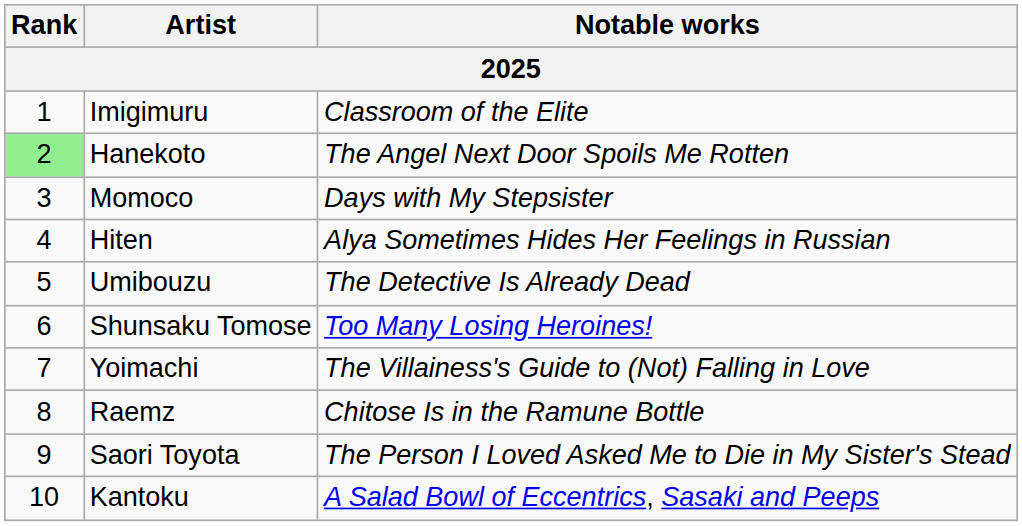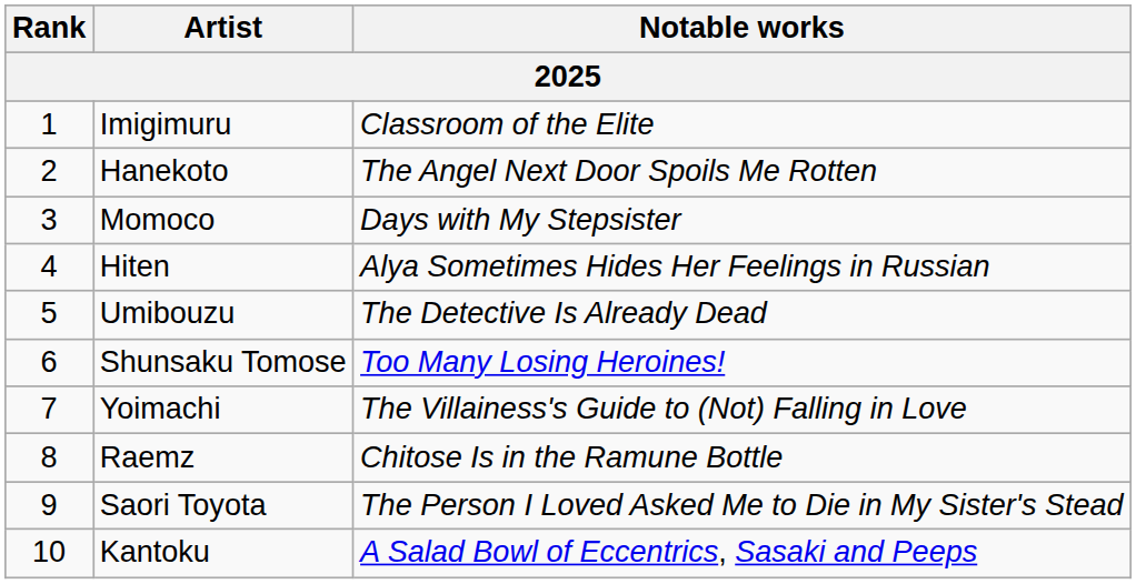 <table class="wikitable">
 <tr>
 <th>Rank</th>
 <th>Artist</th>
 <th>Notable works</th>
 </tr>
 <tr>
 <th colspan="3">2025</th>
 </tr>
 <tr>
 <td align="center">1</td>
 <td>Imigimuru</td>
 <td><em>Classroom of the Elite</em></td>
 </tr>
 <tr>
-<td align="center" style="background: lightgreen;">2</td>
+<td align="center">2</td>
 <td>Hanekoto</td>
 <td><em>The Angel Next Door Spoils Me Rotten</em></td>
 </tr>
 <tr>
 <td align="center">3</td>
 <td>Momoco</td>
 <td><em>Days with My Stepsister</em></td>
 </tr>
 <tr>
 <td align="center">4</td>
 <td>Hiten</td>
 <td><em>Alya Sometimes Hides Her Feelings in Russian</em></td>
 </tr>
 <tr>
 <td align="center">5</td>
 <td>Umibouzu</td>
 <td><em>The Detective Is Already Dead</em></td>
 </tr>
 <tr>
 <td align="center">6</td>
 <td>Shunsaku Tomose</td>
 <td><em><a href='#'>Too Many Losing Heroines!</a></em></td>
 </tr>
 <tr>
 <td align="center">7</td>
 <td>Yoimachi</td>
 <td><em>The Villainess's Guide to (Not) Falling in Love</em></td>
 </tr>
 <tr>
 <td align="center">8</td>
 <td>Raemz</td>
 <td><em>Chitose Is in the Ramune Bottle</em></td>
 </tr>
 <tr>
 <td align="center">9</td>
 <td>Saori Toyota</td>
 <td><em>The Person I Loved Asked Me to Die in My Sister's Stead</em></td>
 </tr>
 <tr>
 <td align="center">10</td>
 <td>Kantoku</td>
 <td><em><a href='#'>A Salad Bowl of Eccentrics</a></em>, <em><a href='#'>Sasaki and Peeps</a></em></td>
 </tr>
 </table>
